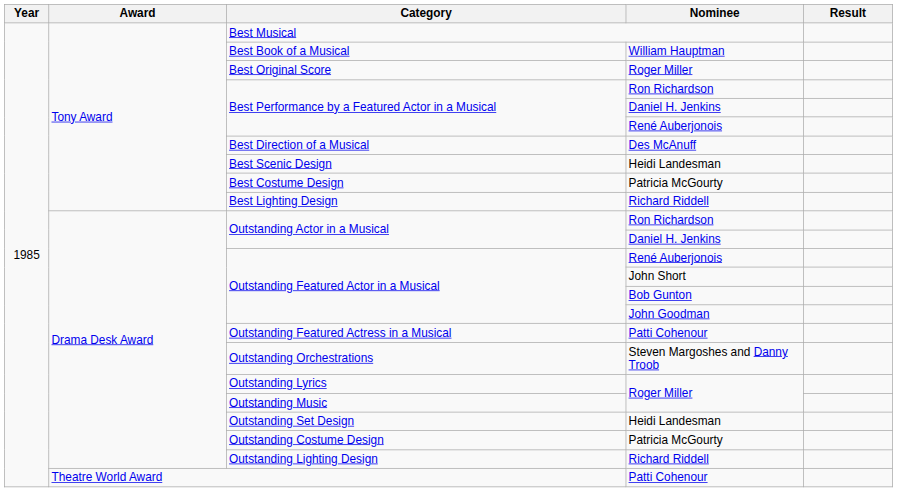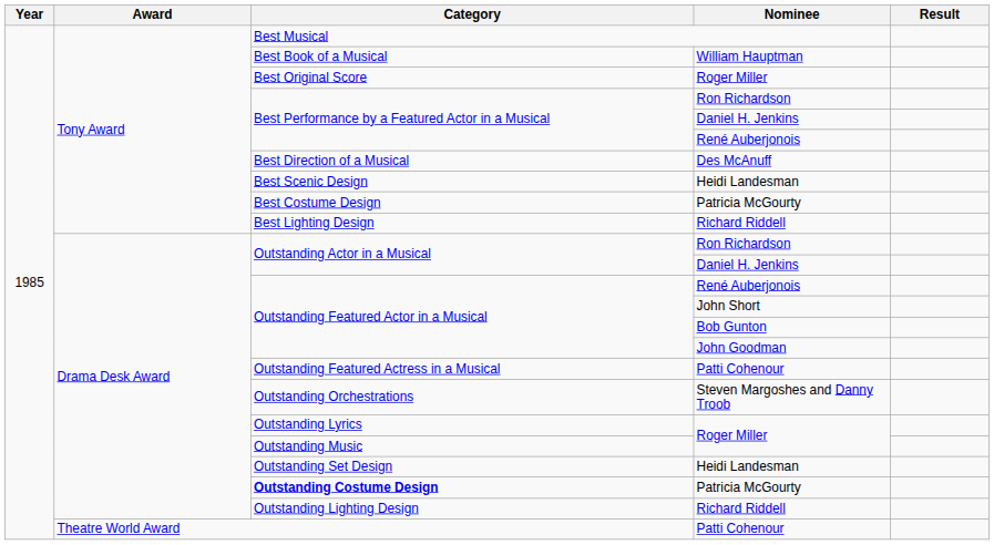 <table class="wikitable" width="95%">
 <tr>
 <th width="5%">Year</th>
 <th width="20%">Award</th>
 <th width="45%">Category</th>
 <th width="20%">Nominee</th>
 <th width="10%">Result</th>
 </tr>
 <tr>
 <td rowspan="24" align="center">1985</td>
 <td rowspan="10"><a href='#'>Tony Award</a></td>
 <td colspan="2"><a href='#'>Best Musical</a></td>
 <td></td>
 </tr>
 <tr>
 <td><a href='#'>Best Book of a Musical</a></td>
 <td><a href='#'>William Hauptman</a></td>
 <td></td>
 </tr>
 <tr>
 <td><a href='#'>Best Original Score</a></td>
 <td><a href='#'>Roger Miller</a></td>
 <td></td>
 </tr>
 <tr>
 <td rowspan="3"><a href='#'>Best Performance by a Featured Actor in a Musical</a></td>
 <td><a href='#'>Ron Richardson</a></td>
 <td></td>
 </tr>
 <tr>
 <td><a href='#'>Daniel H. Jenkins</a></td>
 <td></td>
 </tr>
 <tr>
 <td><a href='#'>René Auberjonois</a></td>
 <td></td>
 </tr>
 <tr>
 <td><a href='#'>Best Direction of a Musical</a></td>
 <td><a href='#'>Des McAnuff</a></td>
 <td></td>
 </tr>
 <tr>
 <td><a href='#'>Best Scenic Design</a></td>
 <td>Heidi Landesman</td>
 <td></td>
 </tr>
 <tr>
 <td><a href='#'>Best Costume Design</a></td>
 <td>Patricia McGourty</td>
 <td></td>
 </tr>
 <tr>
 <td><a href='#'>Best Lighting Design</a></td>
 <td><a href='#'>Richard Riddell</a></td>
 <td></td>
 </tr>
 <tr>
 <td rowspan="13"><a href='#'>Drama Desk Award</a></td>
 <td rowspan="2"><a href='#'>Outstanding Actor in a Musical</a></td>
 <td><a href='#'>Ron Richardson</a></td>
 <td></td>
 </tr>
 <tr>
 <td><a href='#'>Daniel H. Jenkins</a></td>
 <td></td>
 </tr>
 <tr>
 <td rowspan="4"><a href='#'>Outstanding Featured Actor in a Musical</a></td>
 <td><a href='#'>René Auberjonois</a></td>
 <td></td>
 </tr>
 <tr>
 <td>John Short</td>
 <td></td>
 </tr>
 <tr>
 <td><a href='#'>Bob Gunton</a></td>
 <td></td>
 </tr>
 <tr>
 <td><a href='#'>John Goodman</a></td>
 <td></td>
 </tr>
 <tr>
 <td><a href='#'>Outstanding Featured Actress in a Musical</a></td>
 <td><a href='#'>Patti Cohenour</a></td>
 <td></td>
 </tr>
 <tr>
 <td><a href='#'>Outstanding Orchestrations</a></td>
 <td>Steven Margoshes and <a href='#'>Danny Troob</a></td>
 <td></td>
 </tr>
 <tr>
 <td><a href='#'>Outstanding Lyrics</a></td>
 <td rowspan="2"><a href='#'>Roger Miller</a></td>
 <td></td>
 </tr>
 <tr>
 <td><a href='#'>Outstanding Music</a></td>
 <td></td>
 </tr>
 <tr>
 <td><a href='#'>Outstanding Set Design</a></td>
 <td>Heidi Landesman</td>
 <td></td>
 </tr>
 <tr>
-<td><a href='#'>Outstanding Costume Design</a></td>
+<td><strong><a href='#'>Outstanding Costume Design</a></strong></td>
 <td>Patricia McGourty</td>
 <td></td>
 </tr>
 <tr>
 <td><a href='#'>Outstanding Lighting Design</a></td>
 <td><a href='#'>Richard Riddell</a></td>
 <td></td>
 </tr>
 <tr>
 <td colspan="2"><a href='#'>Theatre World Award</a></td>
 <td><a href='#'>Patti Cohenour</a></td>
 <td></td>
 </tr>
 </table>
